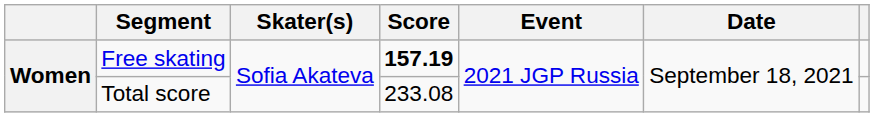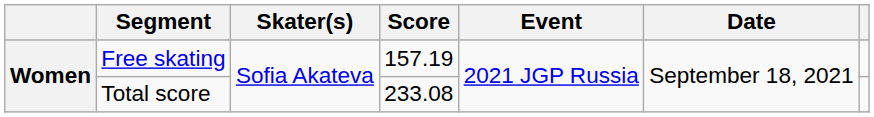 <table class="wikitable unsortable" style="text-align:left">
 <tr>
 <th scope="col"></th>
 <th scope="col">Segment</th>
 <th scope="col">Skater(s)</th>
 <th scope="col">Score</th>
 <th scope="col">Event</th>
 <th scope="col">Date</th>
 <th scope="col"></th>
 </tr>
 <tr>
 <th style="text-align:left" scope="row" rowspan=2>Women</th>
 <td><a href='#'>Free skating</a></td>
 <td rowspan="2"> <a href='#'>Sofia Akateva</a></td>
-<td style="text-align:center;"><strong>157.19</strong></td>
+<td style="text-align:center;">157.19</td>
 <td rowspan="2"><a href='#'>2021 JGP Russia</a></td>
 <td rowspan="2">September 18, 2021</td>
 <td></td>
 </tr>
 <tr>
 <td>Total score</td>
 <td style="text-align:center;">233.08</td>
 <td></td>
 </tr>
 </table>
